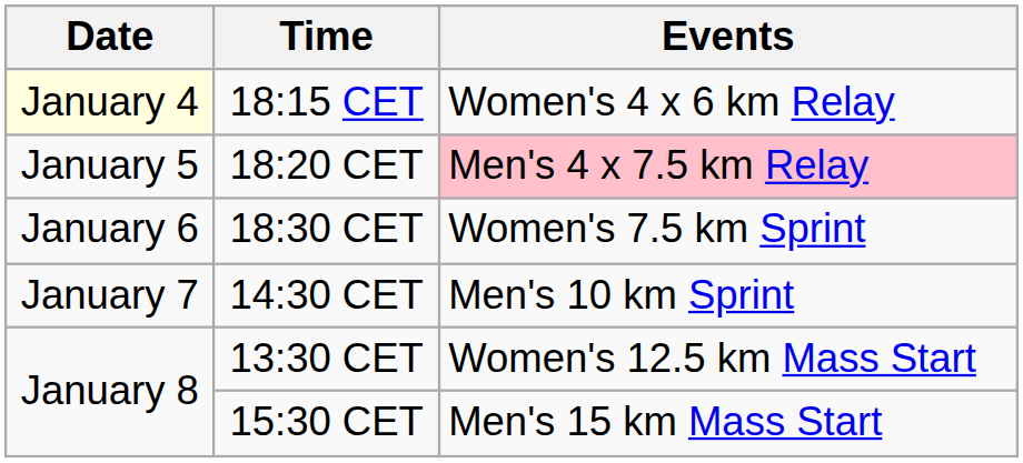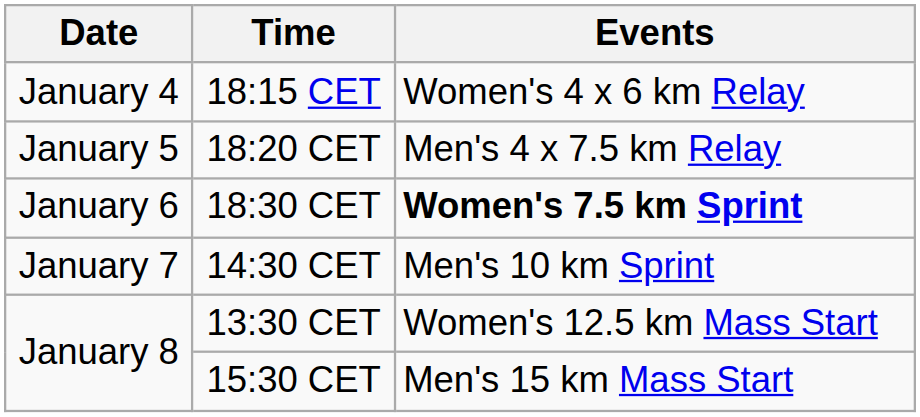 <table class="wikitable" style="text-align: center" width="400">
 <tr>
 <th>Date</th>
 <th>Time</th>
 <th>Events</th>
 </tr>
 <tr>
-<td style="background: lightyellow;">January 4</td>
+<td>January 4</td>
 <td>18:15 <a href='#'>CET</a></td>
 <td style="text-align: left">Women's 4 x 6 km <a href='#'>Relay</a></td>
 </tr>
 <tr>
 <td>January 5</td>
 <td>18:20 CET</td>
-<td style="background: pink; text-align: left">Men's 4 x 7.5 km <a href='#'>Relay</a></td>
+<td style="text-align: left">Men's 4 x 7.5 km <a href='#'>Relay</a></td>
 </tr>
 <tr>
 <td>January 6</td>
 <td>18:30 CET</td>
-<td style="text-align: left">Women's 7.5 km <a href='#'>Sprint</a></td>
+<td style="text-align: left"><strong>Women's 7.5 km <a href='#'>Sprint</a></strong></td>
 </tr>
 <tr>
 <td>January 7</td>
 <td>14:30 CET</td>
 <td style="text-align: left">Men's 10 km <a href='#'>Sprint</a></td>
 </tr>
 <tr>
 <td rowspan=2>January 8</td>
 <td>13:30 CET</td>
 <td style="text-align: left">Women's 12.5 km <a href='#'>Mass Start</a></td>
 </tr>
 <tr>
 <td>15:30 CET</td>
 <td style="text-align: left">Men's 15 km <a href='#'>Mass Start</a></td>
 </tr>
 </table>
